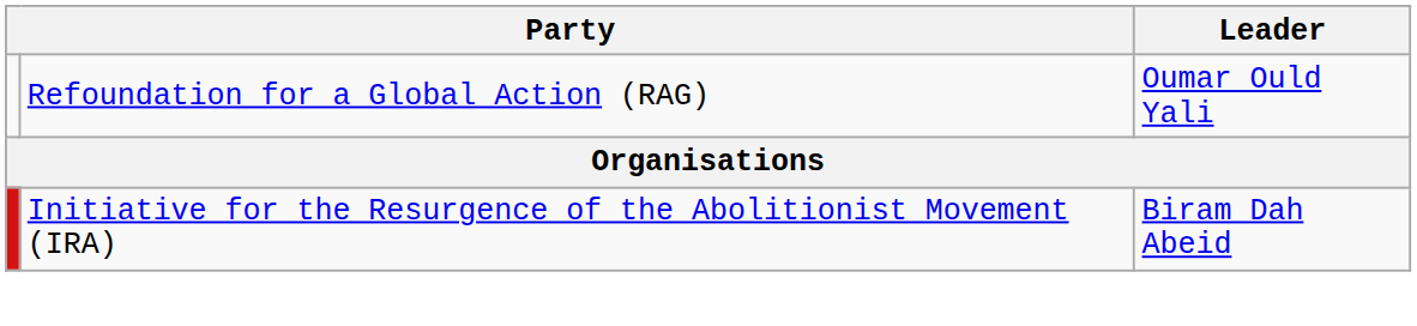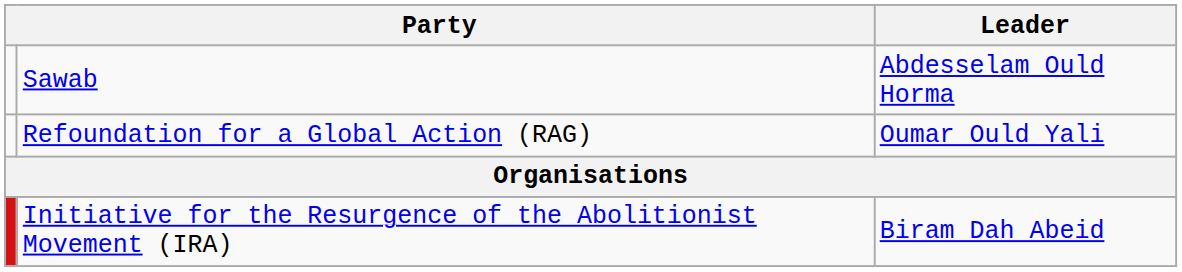 <table class="wikitable" style="text-align">
 <tr>
 <th colspan="2">Party</th>
 <th>Leader</th>
+</tr>
+<tr>
+<td style="background:"></td>
+<td><a href='#'>Sawab</a></td>
+<td><a href='#'>Abdesselam Ould Horma</a></td>
 </tr>
 <tr>
 <td style="background:"></td>
 <td><a href='#'>Refoundation for a Global Action</a> (RAG)</td>
 <td><a href='#'>Oumar Ould Yali</a></td>
 </tr>
 <tr>
 <th colspan="3">Organisations</th>
 </tr>
 <tr>
 <td style="background:#D61111;"></td>
 <td><a href='#'>Initiative for the Resurgence of the Abolitionist Movement</a> (IRA)</td>
 <td><a href='#'>Biram Dah Abeid</a></td>
 </tr>
 </table>
